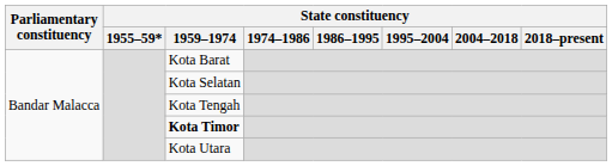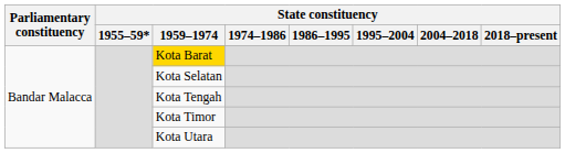 <table class="wikitable">
 <tr>
 <th rowspan="2">Parliamentary<br>constituency</th>
 <th colspan="7">State constituency</th>
 </tr>
 <tr>
 <th>1955–59*</th>
 <th>1959–1974</th>
 <th>1974–1986</th>
 <th>1986–1995</th>
 <th>1995–2004</th>
 <th>2004–2018</th>
 <th>2018–present</th>
 </tr>
 <tr>
 <td rowspan="5">Bandar Malacca</td>
 <td rowspan="5" bgcolor="dcdcdc"></td>
-<td>Kota Barat</td>
+<td style="background: gold;">Kota Barat</td>
 <td colspan="5" bgcolor="dcdcdc"></td>
 </tr>
 <tr>
 <td>Kota Selatan</td>
 <td colspan="5" bgcolor="dcdcdc"></td>
 </tr>
 <tr>
 <td>Kota Tengah</td>
 <td colspan="5" bgcolor="dcdcdc"></td>
 </tr>
 <tr>
-<td><strong>Kota Timor</strong></td>
+<td>Kota Timor</td>
 <td colspan="5" bgcolor="dcdcdc"></td>
 </tr>
 <tr>
 <td>Kota Utara</td>
 <td colspan="5" bgcolor="dcdcdc"></td>
 </tr>
 </table>
